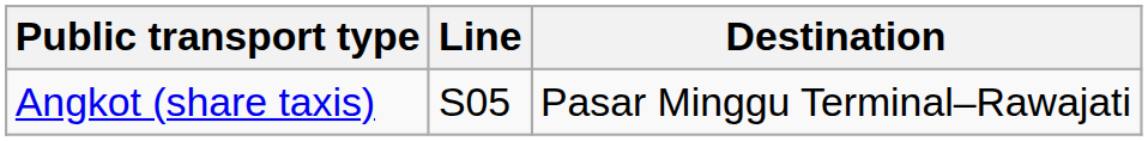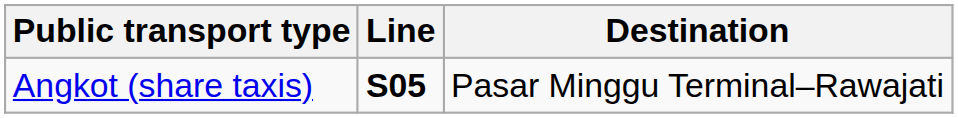 <table class="wikitable">
 <tr>
 <th>Public transport type</th>
 <th>Line</th>
 <th>Destination</th>
 </tr>
 <tr>
 <td rowspan="2"><a href='#'>Angkot (share taxis)</a></td>
-<td>S05</td>
+<td><strong>S05</strong></td>
 <td>Pasar Minggu Terminal–Rawajati</td>
 </tr>
 </table>
